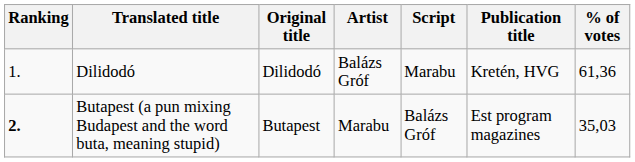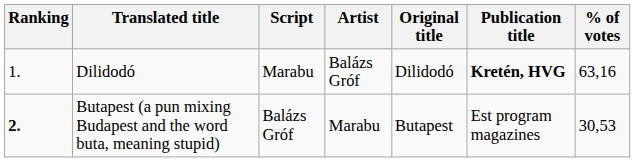 <table | class="wikitable">
 <tr valign="top">
 <th><strong>Ranking</strong></th>
 <th><strong>Translated title</strong></th>
+<th><strong>Script</strong></th>
+<th><strong>Artist</strong></th>
 <th><strong>Original title</strong></th>
-<th><strong>Artist</strong></th>
-<th><strong>Script</strong></th>
 <th><strong>Publication title</strong></th>
 <th><strong>% of votes</strong></th>
 </tr>
 <tr>
 <td>1.</td>
 <td>Dilidodó</td>
+<td>Marabu</td>
+<td>Balázs Gróf</td>
 <td>Dilidodó</td>
-<td>Balázs Gróf</td>
-<td>Marabu</td>
-<td>Kretén, HVG</td>
-<td>61,36</td>
+<td><strong>Kretén, HVG</strong></td>
+<td>63,16</td>
 </tr>
 <tr>
 <td><strong>2.</strong></td>
 <td>Butapest (a pun mixing Budapest and the word buta, meaning stupid)</td>
+<td>Balázs Gróf</td>
+<td>Marabu</td>
 <td>Butapest</td>
-<td>Marabu</td>
-<td>Balázs Gróf</td>
 <td>Est program magazines</td>
-<td>35,03</td>
+<td>30,53</td>
 </tr>
 </table>
